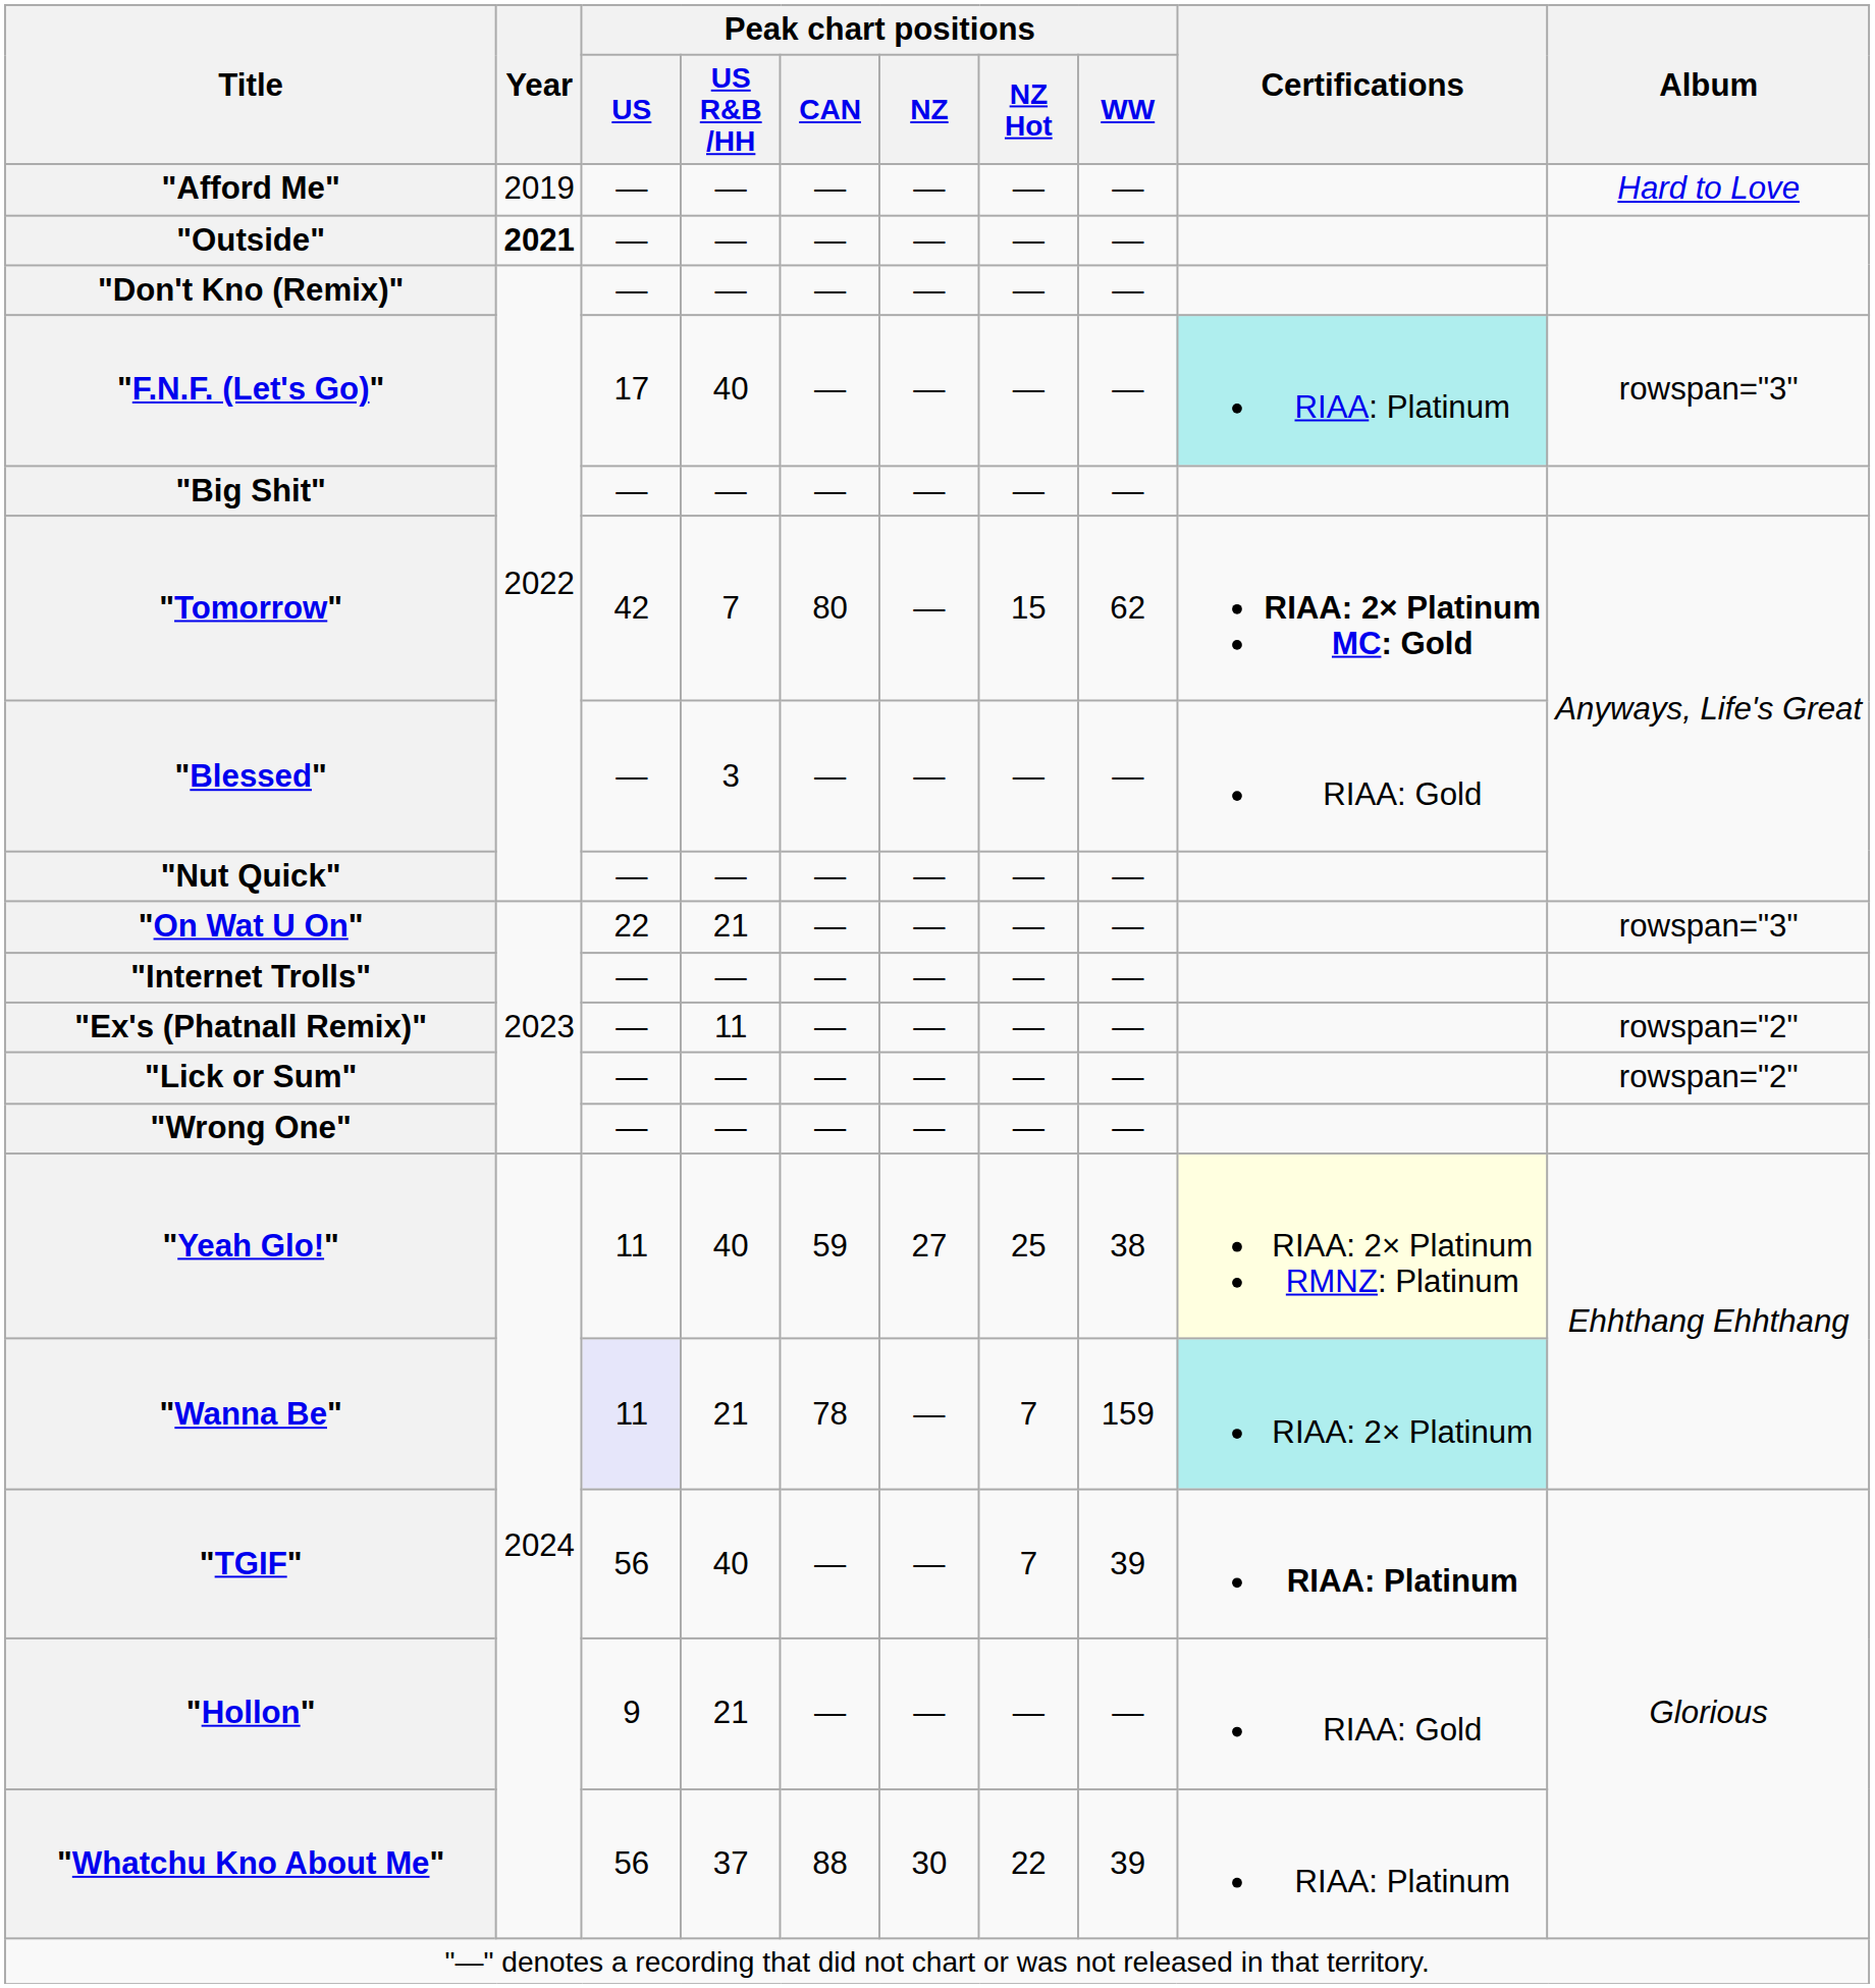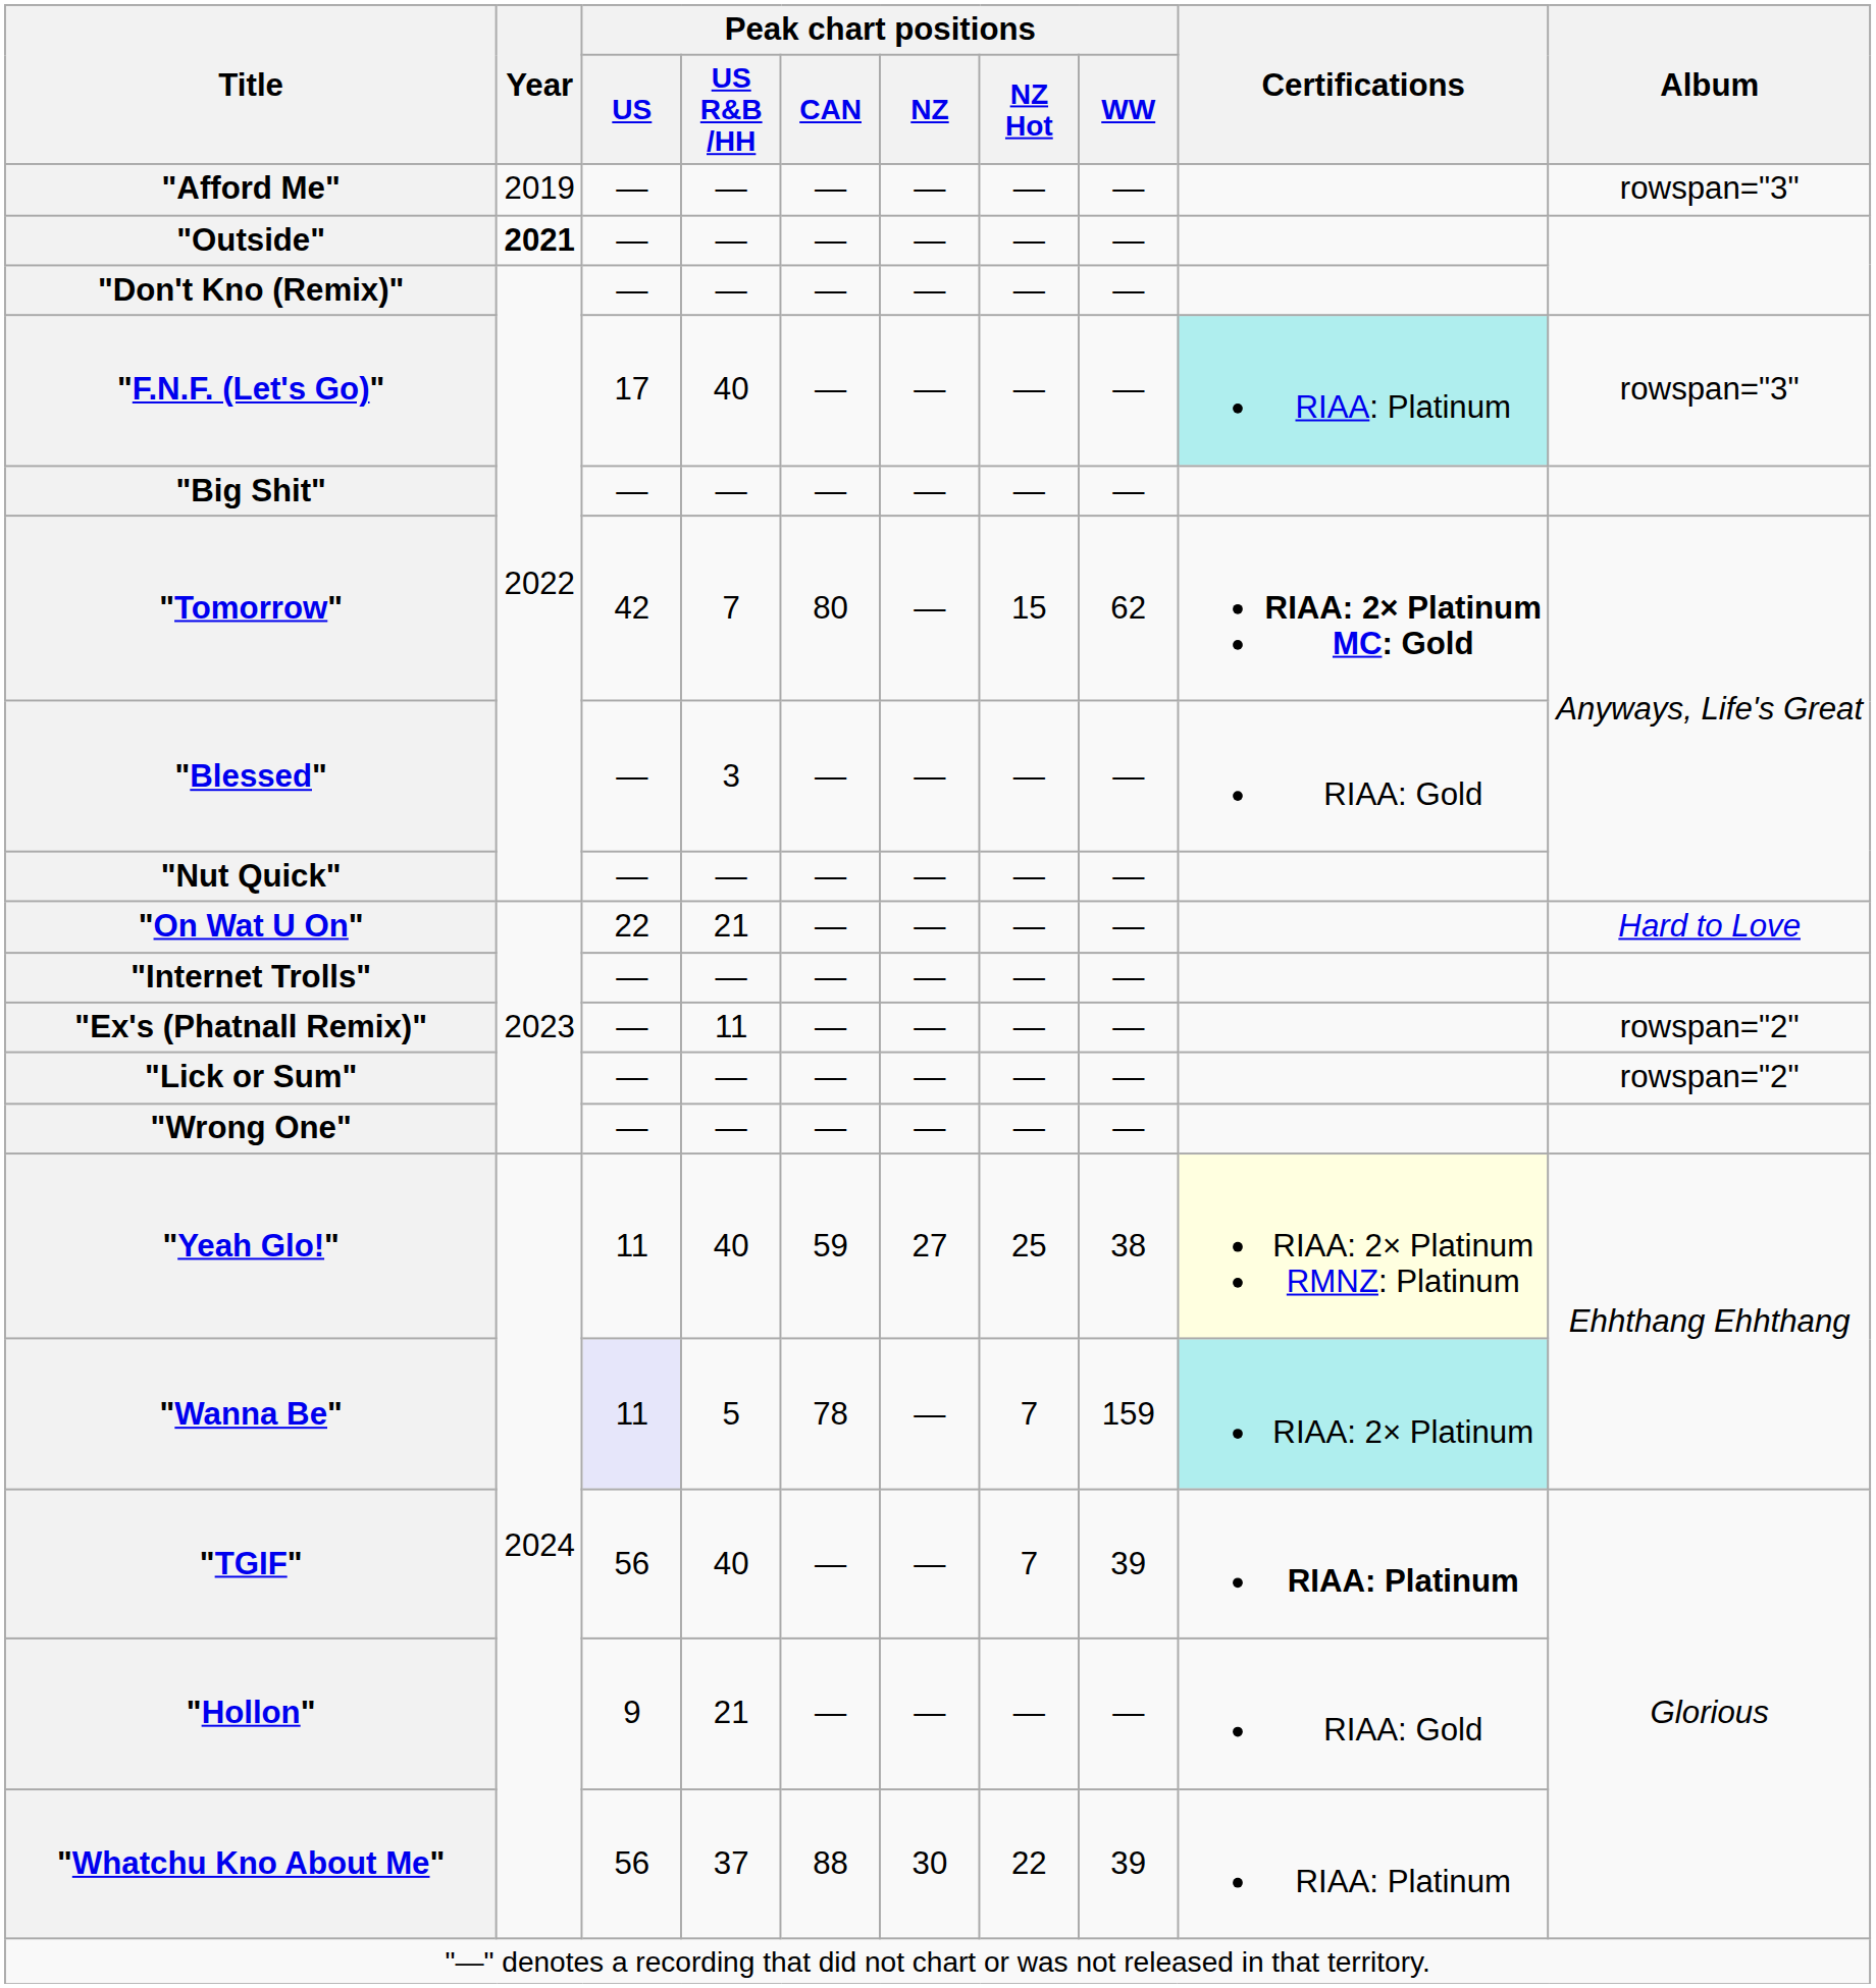 <table class="wikitable plainrowheaders" style="text-align:center;">
 <tr>
 <th scope="col" rowspan="2" style="width:15em;">Title</th>
 <th scope="col" rowspan="2">Year</th>
 <th scope="col" colspan="6">Peak chart positions</th>
 <th scope="col" rowspan="2">Certifications</th>
 <th scope="col" rowspan="2">Album</th>
 </tr>
 <tr>
 <th scope="col" style="width:3em;font-size:90%;"><a href='#'>US</a><br></th>
 <th scope="col" style="width:3em;font-size:90%;"><a href='#'>US<br>R&B<br>/HH</a><br></th>
 <th scope="col" style="width:3em;font-size:90%;"><a href='#'>CAN</a><br></th>
 <th scope="col" style="width:3em;font-size:90%;"><a href='#'>NZ</a><br></th>
 <th scope="col" style="width:3em;font-size:90%;"><a href='#'>NZ<br>Hot</a><br></th>
 <th scope="col" style="width:3em;font-size:90%;"><a href='#'>WW</a><br></th>
 </tr>
 <tr>
 <th scope="row">"Afford Me"<br></th>
 <td>2019</td>
 <td>—</td>
 <td>—</td>
 <td>—</td>
 <td>—</td>
 <td>—</td>
 <td>—</td>
 <td></td>
-<td><em><a href='#'>Hard to Love</a></em></td>
+<td>rowspan="3" </td>
 </tr>
 <tr>
 <th scope="row">"Outside"<br></th>
 <td><strong>2021</strong></td>
 <td>—</td>
 <td>—</td>
 <td>—</td>
 <td>—</td>
 <td>—</td>
 <td>—</td>
 <td></td>
 </tr>
 <tr>
 <th scope="row">"Don't Kno (Remix)"</th>
 <td rowspan="6">2022</td>
 <td>—</td>
 <td>—</td>
 <td>—</td>
 <td>—</td>
 <td>—</td>
 <td>—</td>
 <td></td>
 </tr>
 <tr>
 <th scope="row">"<a href='#'>F.N.F. (Let's Go)</a>"<br></th>
 <td>17</td>
 <td>40</td>
 <td>—</td>
 <td>—</td>
 <td>—</td>
 <td>—</td>
 <td style="background: paleturquoise;"><br><ul><li><a href='#'>RIAA</a>: Platinum</li></ul></td>
 <td>rowspan="3" </td>
 </tr>
 <tr>
 <th scope="row">"Big Shit"</th>
 <td>—</td>
 <td>—</td>
 <td>—</td>
 <td>—</td>
 <td>—</td>
 <td>—</td>
 <td></td>
 <td></td>
 </tr>
 <tr>
 <th scope="row">"<a href='#'>Tomorrow</a>"<br></th>
 <td>42</td>
 <td>7</td>
 <td>80</td>
 <td>—</td>
 <td>15</td>
 <td>62</td>
 <td><strong><br><ul><li>RIAA: 2× Platinum</li><li><a href='#'>MC</a>: Gold</li></ul></strong></td>
 <td rowspan="3"><em>Anyways, Life's Great</em></td>
 </tr>
 <tr>
 <th scope="row">"<a href='#'>Blessed</a>"</th>
 <td>—</td>
 <td>3</td>
 <td>—</td>
 <td>—</td>
 <td>—</td>
 <td>—</td>
 <td><br><ul><li>RIAA: Gold</li></ul></td>
 </tr>
 <tr>
 <th scope="row">"Nut Quick"</th>
 <td>—</td>
 <td>—</td>
 <td>—</td>
 <td>—</td>
 <td>—</td>
 <td>—</td>
 <td></td>
 </tr>
 <tr>
 <th scope="row">"<a href='#'>On Wat U On</a>"<br></th>
 <td rowspan="5">2023</td>
 <td>22</td>
 <td>21</td>
 <td>—</td>
 <td>—</td>
 <td>—</td>
 <td>—</td>
 <td></td>
-<td>rowspan="3" </td>
+<td><em><a href='#'>Hard to Love</a></em></td>
 </tr>
 <tr>
 <th scope="row">"Internet Trolls"</th>
 <td>—</td>
 <td>—</td>
 <td>—</td>
 <td>—</td>
 <td>—</td>
 <td>—</td>
 <td></td>
 <td></td>
 </tr>
 <tr>
 <th scope="row">"Ex's (Phatnall Remix)"<br></th>
 <td>—</td>
 <td>11</td>
 <td>—</td>
 <td>—</td>
 <td>—</td>
 <td>—</td>
 <td></td>
 <td>rowspan="2" </td>
 </tr>
 <tr>
 <th scope="row">"Lick or Sum"</th>
 <td>—</td>
 <td>—</td>
 <td>—</td>
 <td>—</td>
 <td>—</td>
 <td>—</td>
 <td></td>
 <td>rowspan="2" </td>
 </tr>
 <tr>
 <th scope="row">"Wrong One"<br></th>
 <td>—</td>
 <td>—</td>
 <td>—</td>
 <td>—</td>
 <td>—</td>
 <td>—</td>
 <td></td>
 </tr>
 <tr>
 <th scope="row">"<a href='#'>Yeah Glo!</a>"</th>
 <td rowspan="5">2024</td>
 <td>11</td>
 <td>40</td>
 <td>59</td>
 <td>27</td>
 <td>25</td>
 <td>38</td>
 <td style="background: lightyellow;"><br><ul><li>RIAA: 2× Platinum</li><li><a href='#'>RMNZ</a>: Platinum</li></ul></td>
 <td rowspan="2"><em>Ehhthang Ehhthang</em></td>
 </tr>
 <tr>
 <th scope="row">"<a href='#'>Wanna Be</a>"<br></th>
 <td style="background: lavender;">11</td>
-<td>21</td>
+<td>5</td>
 <td>78</td>
 <td>—</td>
 <td>7</td>
 <td>159</td>
 <td style="background: paleturquoise;"><br><ul><li>RIAA: 2× Platinum</li></ul></td>
 </tr>
 <tr>
 <th scope="row">"<a href='#'>TGIF</a>"</th>
 <td>56</td>
 <td>40</td>
 <td>—</td>
 <td>—</td>
 <td>7</td>
 <td>39</td>
 <td><strong><br><ul><li>RIAA: Platinum</li></ul></strong></td>
 <td rowspan="3"><em>Glorious</em></td>
 </tr>
 <tr>
 <th scope="row">"<a href='#'>Hollon</a>"</th>
 <td>9</td>
 <td>21</td>
 <td>—</td>
 <td>—</td>
 <td>—</td>
 <td>—</td>
 <td><br><ul><li>RIAA: Gold</li></ul></td>
 </tr>
 <tr>
 <th scope="row">"<a href='#'>Whatchu Kno About Me</a>"<br></th>
 <td>56</td>
 <td>37</td>
 <td>88</td>
 <td>30<br></td>
 <td>22</td>
 <td>39</td>
 <td><br><ul><li>RIAA: Platinum</li></ul></td>
 </tr>
 <tr>
 <td colspan="15" style="font-size:90%">"—" denotes a recording that did not chart or was not released in that territory.</td>
 </tr>
 </table>
